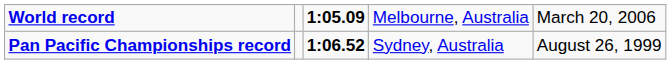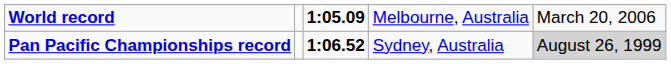 <table class="wikitable">
 <tr>
 <td><strong><a href='#'>World record</a></strong></td>
 <td></td>
 <td><strong>1:05.09</strong></td>
 <td><a href='#'>Melbourne</a>, <a href='#'>Australia</a></td>
 <td>March 20, 2006</td>
 </tr>
 <tr>
 <td><strong><a href='#'>Pan Pacific Championships record</a></strong></td>
 <td></td>
 <td><strong>1:06.52</strong></td>
 <td><a href='#'>Sydney</a>, <a href='#'>Australia</a></td>
-<td>August 26, 1999</td>
+<td style="background: lightgrey;">August 26, 1999</td>
 </tr>
 </table>
